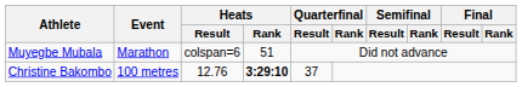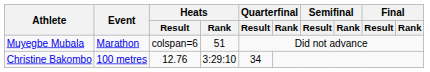 <table class="wikitable" style="font-size:90%">
 <tr>
 <th rowspan="2">Athlete</th>
 <th rowspan="2">Event</th>
 <th colspan="2">Heats</th>
 <th colspan="2">Quarterfinal</th>
 <th colspan="2">Semifinal</th>
 <th colspan="2">Final</th>
 </tr>
 <tr style="font-size:95%">
 <th>Result</th>
 <th>Rank</th>
 <th>Result</th>
 <th>Rank</th>
 <th>Result</th>
 <th>Rank</th>
 <th>Result</th>
 <th>Rank</th>
 </tr>
 <tr align=center>
 <td align=left><a href='#'>Muyegbe Mubala</a></td>
 <td align=left><a href='#'>Marathon</a></td>
 <td>colspan=6</td>
 <td>51</td>
 <td colspan=6>Did not advance</td>
 </tr>
 <tr align=center>
 <td align=left><a href='#'>Christine Bakombo</a></td>
 <td align=left><a href='#'>100 metres</a></td>
 <td>12.76</td>
-<td><strong>3:29:10</strong></td>
-<td>37</td>
+<td>3:29:10</td>
+<td>34</td>
 </tr>
 </table>
